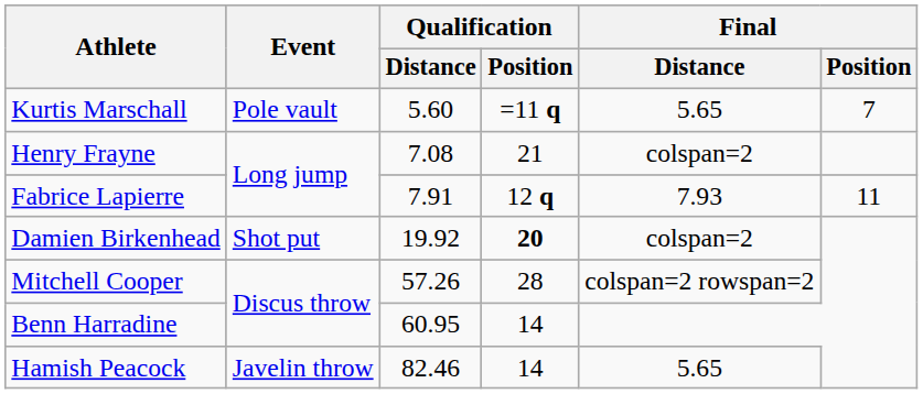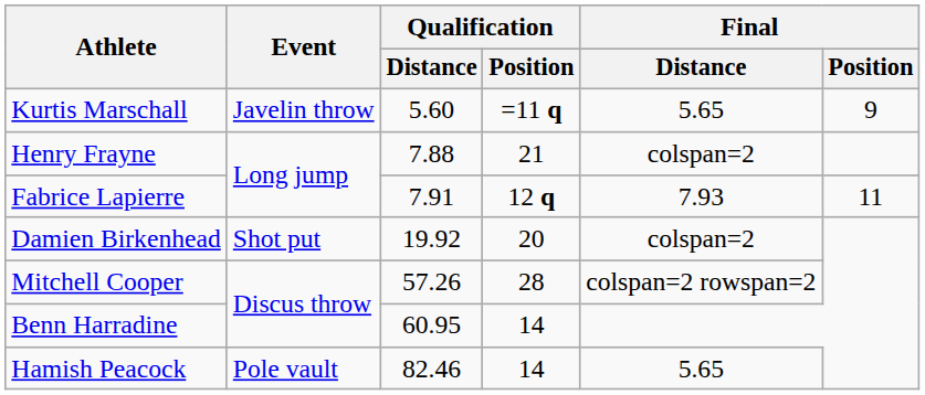 <table class=wikitable style=font-size:90%>
 <tr>
 <th rowspan=2>Athlete</th>
 <th rowspan=2>Event</th>
 <th colspan=2>Qualification</th>
 <th colspan=2>Final</th>
 </tr>
 <tr style=font-size:95%>
 <th>Distance</th>
 <th>Position</th>
 <th>Distance</th>
 <th>Position</th>
 </tr>
 <tr align=center>
 <td align=left><a href='#'>Kurtis Marschall</a></td>
-<td align=left><a href='#'>Pole vault</a></td>
+<td align=left><a href='#'>Javelin throw</a></td>
 <td>5.60</td>
 <td>=11 <strong>q</strong></td>
 <td>5.65</td>
-<td>7</td>
+<td>9</td>
 </tr>
 <tr align=center>
 <td align=left><a href='#'>Henry Frayne</a></td>
 <td align=left rowspan=2><a href='#'>Long jump</a></td>
-<td>7.08</td>
+<td>7.88</td>
 <td>21</td>
 <td>colspan=2 </td>
 </tr>
 <tr align=center>
 <td align=left><a href='#'>Fabrice Lapierre</a></td>
 <td>7.91</td>
 <td>12 <strong>q</strong></td>
 <td>7.93</td>
 <td>11</td>
 </tr>
 <tr align=center>
 <td align=left><a href='#'>Damien Birkenhead</a></td>
 <td align=left><a href='#'>Shot put</a></td>
 <td>19.92</td>
-<td><strong>20</strong></td>
+<td>20</td>
 <td>colspan=2 </td>
 </tr>
 <tr align=center>
 <td align=left><a href='#'>Mitchell Cooper</a></td>
 <td align=left rowspan=2><a href='#'>Discus throw</a></td>
 <td>57.26</td>
 <td>28</td>
 <td>colspan=2 rowspan=2 </td>
 </tr>
 <tr align=center>
 <td align=left><a href='#'>Benn Harradine</a></td>
 <td>60.95</td>
 <td>14</td>
 </tr>
 <tr align=center>
 <td align=left><a href='#'>Hamish Peacock</a></td>
-<td align=left><a href='#'>Javelin throw</a></td>
+<td align=left><a href='#'>Pole vault</a></td>
 <td>82.46</td>
 <td>14</td>
 <td>5.65</td>
 </tr>
 </table>
